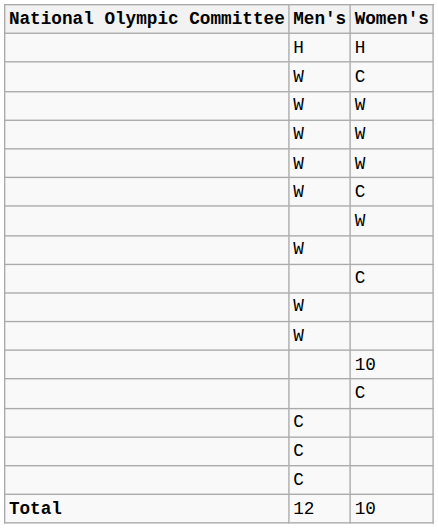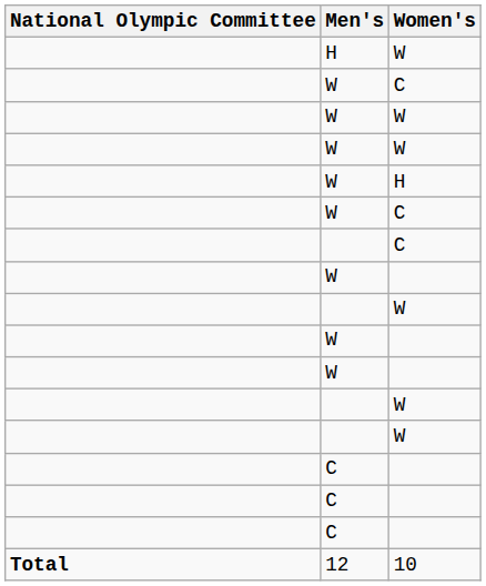 <table class=wikitable>
 <tr>
 <th>National Olympic Committee</th>
 <th>Men's</th>
 <th>Women's</th>
 </tr>
 <tr>
 <td></td>
 <td>H</td>
-<td>H</td>
+<td>W</td>
 </tr>
 <tr>
 <td></td>
 <td>W</td>
 <td>C</td>
 </tr>
 <tr>
 <td></td>
 <td>W</td>
 <td>W</td>
 </tr>
 <tr>
 <td></td>
 <td>W</td>
 <td>W</td>
 </tr>
 <tr>
 <td></td>
 <td>W</td>
-<td>W</td>
+<td>H</td>
 </tr>
 <tr>
 <td></td>
 <td>W</td>
 <td>C</td>
 </tr>
 <tr>
 <td></td>
 <td></td>
-<td>W</td>
+<td>C</td>
 </tr>
 <tr>
 <td></td>
 <td>W</td>
 <td></td>
 </tr>
 <tr>
 <td></td>
 <td></td>
-<td>C</td>
+<td>W</td>
 </tr>
 <tr>
 <td></td>
 <td>W</td>
 <td></td>
 </tr>
 <tr>
 <td></td>
 <td>W</td>
 <td></td>
 </tr>
 <tr>
 <td></td>
 <td></td>
-<td>10</td>
+<td>W</td>
 </tr>
 <tr>
 <td></td>
 <td></td>
-<td>C</td>
+<td>W</td>
 </tr>
 <tr>
 <td></td>
 <td>C</td>
 <td></td>
 </tr>
 <tr>
 <td></td>
 <td>C</td>
 <td></td>
 </tr>
 <tr>
 <td></td>
 <td>C</td>
 <td></td>
 </tr>
 <tr>
 <td><strong>Total</strong></td>
 <td>12</td>
 <td>10</td>
 </tr>
 </table>
